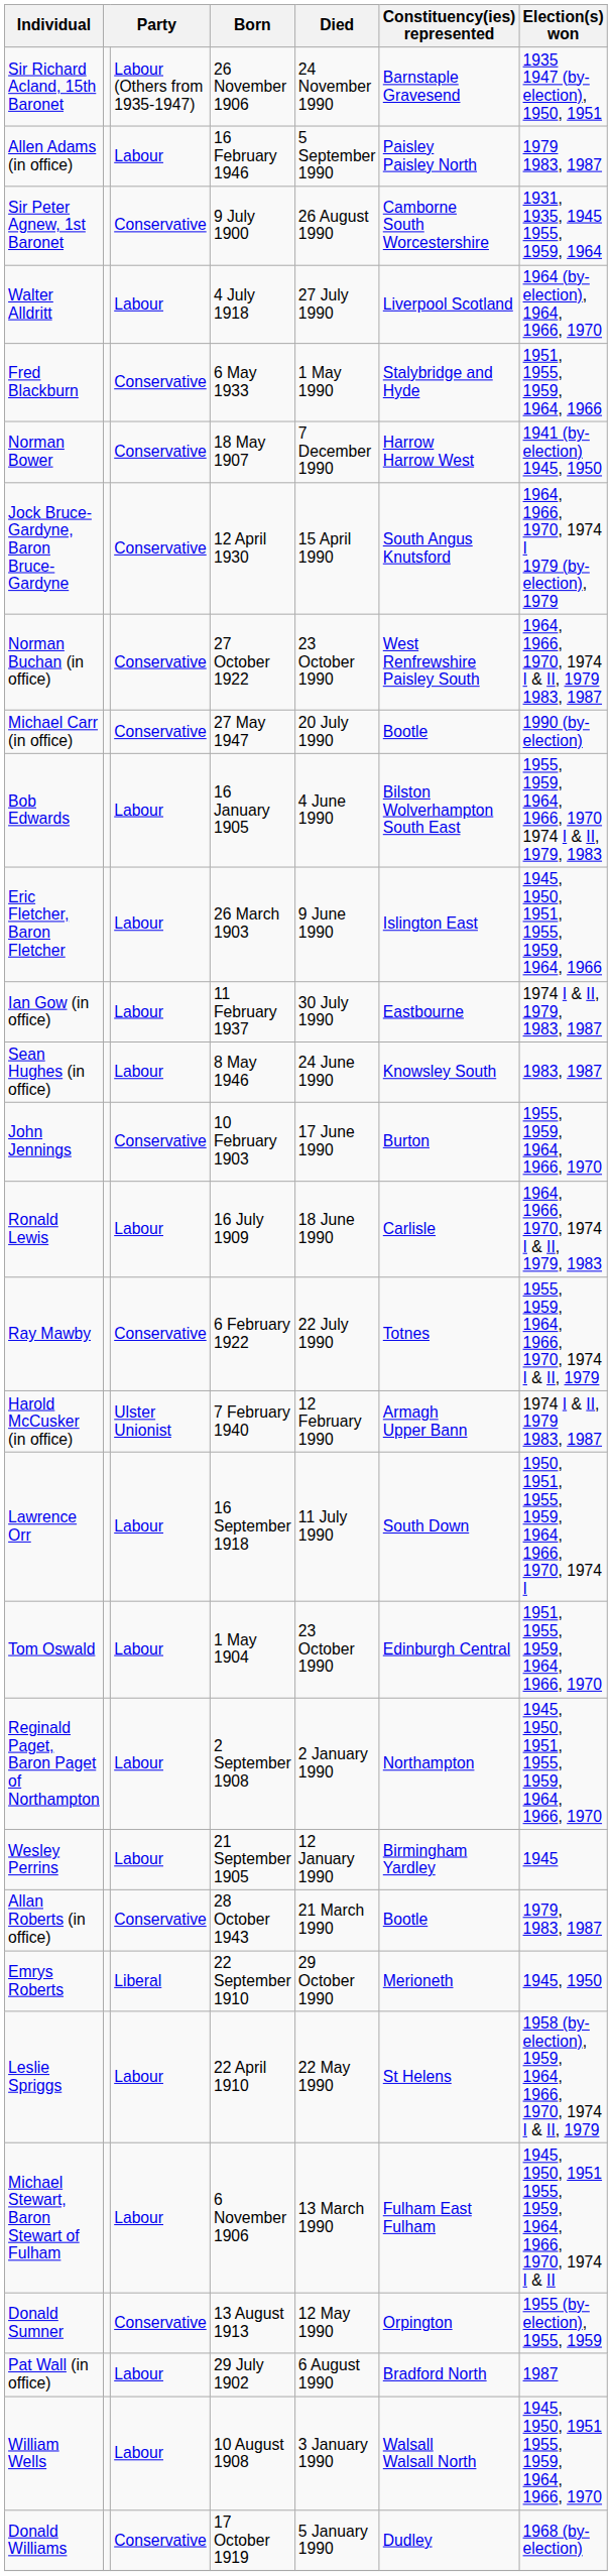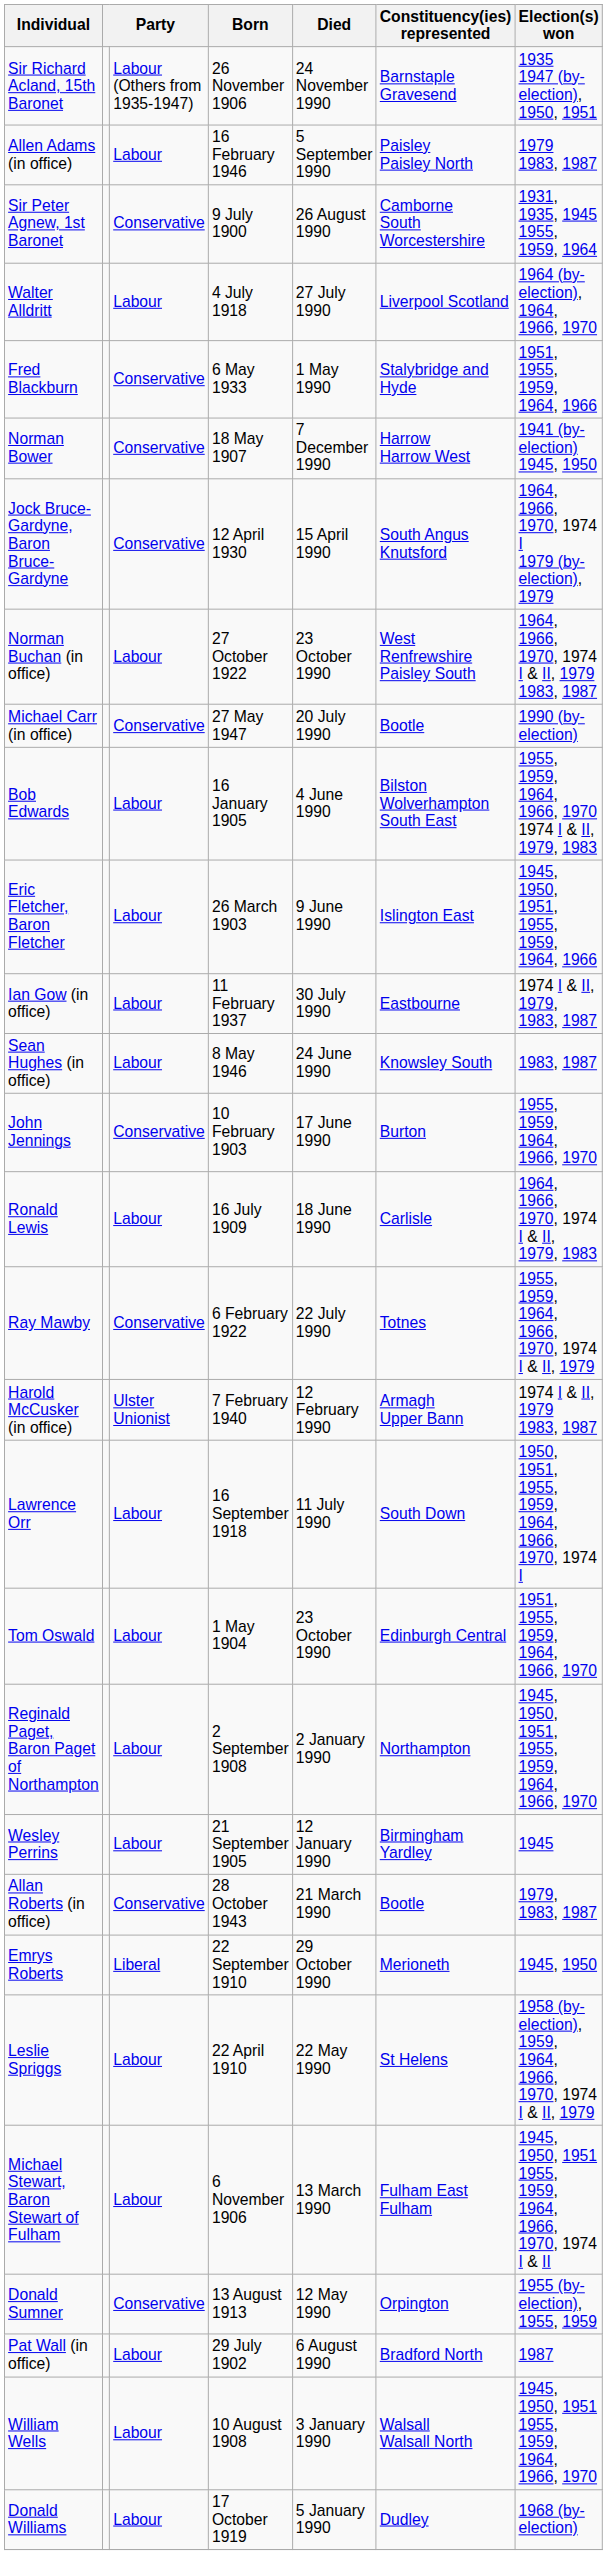 <table class="wikitable sortable">
 <tr>
 <th width="260px">Individual</th>
 <th colspan="2">Party</th>
 <th>Born</th>
 <th>Died</th>
 <th>Constituency(ies) represented</th>
 <th>Election(s) won</th>
 </tr>
 <tr>
 <td><a href='#'>Sir Richard Acland, 15th Baronet</a></td>
 <td style="background-color: "></td>
 <td><a href='#'>Labour</a> (Others from 1935-1947)</td>
 <td>26 November 1906</td>
 <td>24 November 1990</td>
 <td><a href='#'>Barnstaple</a><br><a href='#'>Gravesend</a></td>
 <td><a href='#'>1935</a><br><a href='#'>1947 (by-election)</a>, <a href='#'>1950</a>, <a href='#'>1951</a></td>
 </tr>
 <tr>
 <td><a href='#'>Allen Adams</a> (in office)</td>
 <td style="background-color: "></td>
 <td><a href='#'>Labour</a></td>
 <td>16 February 1946</td>
 <td>5 September 1990</td>
 <td><a href='#'>Paisley</a><br><a href='#'>Paisley North</a></td>
 <td><a href='#'>1979</a><br><a href='#'>1983</a>, <a href='#'>1987</a></td>
 </tr>
 <tr>
 <td><a href='#'>Sir Peter Agnew, 1st Baronet</a></td>
 <td style="background-color: "></td>
 <td><a href='#'>Conservative</a></td>
 <td>9 July 1900</td>
 <td>26 August 1990</td>
 <td><a href='#'>Camborne</a><br><a href='#'>South Worcestershire</a></td>
 <td><a href='#'>1931</a>, <a href='#'>1935</a>, <a href='#'>1945</a><br><a href='#'>1955</a>, <a href='#'>1959</a>, <a href='#'>1964</a></td>
 </tr>
 <tr>
 <td><a href='#'>Walter Alldritt</a></td>
 <td style="background-color: "></td>
 <td><a href='#'>Labour</a></td>
 <td>4 July 1918</td>
 <td>27 July 1990</td>
 <td><a href='#'>Liverpool Scotland</a></td>
 <td><a href='#'>1964 (by-election)</a>, <a href='#'>1964</a>, <a href='#'>1966</a>, <a href='#'>1970</a></td>
 </tr>
 <tr>
 <td><a href='#'>Fred Blackburn</a></td>
 <td style="background-color: "></td>
 <td><a href='#'>Conservative</a></td>
 <td>6 May 1933</td>
 <td>1 May 1990</td>
 <td><a href='#'>Stalybridge and Hyde</a></td>
 <td><a href='#'>1951</a>, <a href='#'>1955</a>, <a href='#'>1959</a>, <a href='#'>1964</a>, <a href='#'>1966</a></td>
 </tr>
 <tr>
 <td><a href='#'>Norman Bower</a></td>
 <td style="background-color: "></td>
 <td><a href='#'>Conservative</a></td>
 <td>18 May 1907</td>
 <td>7 December 1990</td>
 <td><a href='#'>Harrow</a><br><a href='#'>Harrow West</a></td>
 <td><a href='#'>1941 (by-election)</a><br><a href='#'>1945</a>, <a href='#'>1950</a></td>
 </tr>
 <tr>
 <td><a href='#'>Jock Bruce-Gardyne, Baron Bruce-Gardyne</a></td>
 <td style="background-color: "></td>
 <td><a href='#'>Conservative</a></td>
 <td>12 April 1930</td>
 <td>15 April 1990</td>
 <td><a href='#'>South Angus</a><br><a href='#'>Knutsford</a></td>
 <td><a href='#'>1964</a>, <a href='#'>1966</a>, <a href='#'>1970</a>, 1974 <a href='#'>I</a><br><a href='#'>1979 (by-election)</a>, <a href='#'>1979</a></td>
 </tr>
 <tr>
 <td><a href='#'>Norman Buchan</a> (in office)</td>
 <td style="background-color: "></td>
-<td><a href='#'>Conservative</a></td>
+<td><a href='#'>Labour</a></td>
 <td>27 October 1922</td>
 <td>23 October 1990</td>
 <td><a href='#'>West Renfrewshire</a><br><a href='#'>Paisley South</a></td>
 <td><a href='#'>1964</a>, <a href='#'>1966</a>, <a href='#'>1970</a>, 1974 <a href='#'>I</a> & <a href='#'>II</a>, <a href='#'>1979</a><br><a href='#'>1983</a>, <a href='#'>1987</a></td>
 </tr>
 <tr>
 <td><a href='#'>Michael Carr</a> (in office)</td>
 <td style="background-color: "></td>
 <td><a href='#'>Conservative</a></td>
 <td>27 May 1947</td>
 <td>20 July 1990</td>
 <td><a href='#'>Bootle</a></td>
 <td><a href='#'>1990 (by-election)</a></td>
 </tr>
 <tr>
 <td><a href='#'>Bob Edwards</a></td>
 <td style="background-color: "></td>
 <td><a href='#'>Labour</a></td>
 <td>16 January 1905</td>
 <td>4 June 1990</td>
 <td><a href='#'>Bilston</a><br><a href='#'>Wolverhampton South East</a></td>
 <td><a href='#'>1955</a>, <a href='#'>1959</a>, <a href='#'>1964</a>, <a href='#'>1966</a>, <a href='#'>1970</a><br>1974 <a href='#'>I</a> & <a href='#'>II</a>, <a href='#'>1979</a>, <a href='#'>1983</a></td>
 </tr>
 <tr>
 <td><a href='#'>Eric Fletcher, Baron Fletcher</a></td>
 <td style="background-color: "></td>
 <td><a href='#'>Labour</a></td>
 <td>26 March 1903</td>
 <td>9 June 1990</td>
 <td><a href='#'>Islington East</a></td>
 <td><a href='#'>1945</a>, <a href='#'>1950</a>, <a href='#'>1951</a>, <a href='#'>1955</a>, <a href='#'>1959</a>, <a href='#'>1964</a>, <a href='#'>1966</a></td>
 </tr>
 <tr>
 <td><a href='#'>Ian Gow</a> (in office)</td>
 <td style="background-color: "></td>
 <td><a href='#'>Labour</a></td>
 <td>11 February 1937</td>
 <td>30 July 1990</td>
 <td><a href='#'>Eastbourne</a></td>
 <td>1974 <a href='#'>I</a> & <a href='#'>II</a>, <a href='#'>1979</a>, <a href='#'>1983</a>, <a href='#'>1987</a></td>
 </tr>
 <tr>
 <td><a href='#'>Sean Hughes</a> (in office)</td>
 <td style="background-color: "></td>
 <td><a href='#'>Labour</a></td>
 <td>8 May 1946</td>
 <td>24 June 1990</td>
 <td><a href='#'>Knowsley South</a></td>
 <td><a href='#'>1983</a>, <a href='#'>1987</a></td>
 </tr>
 <tr>
 <td><a href='#'>John Jennings</a></td>
 <td style="background-color: "></td>
 <td><a href='#'>Conservative</a></td>
 <td>10 February 1903</td>
 <td>17 June 1990</td>
 <td><a href='#'>Burton</a></td>
 <td><a href='#'>1955</a>, <a href='#'>1959</a>, <a href='#'>1964</a>, <a href='#'>1966</a>, <a href='#'>1970</a></td>
 </tr>
 <tr>
 <td><a href='#'>Ronald Lewis</a></td>
 <td style="background-color: "></td>
 <td><a href='#'>Labour</a></td>
 <td>16 July 1909</td>
 <td>18 June 1990</td>
 <td><a href='#'>Carlisle</a></td>
 <td><a href='#'>1964</a>, <a href='#'>1966</a>, <a href='#'>1970</a>, 1974 <a href='#'>I</a> & <a href='#'>II</a>, <a href='#'>1979</a>, <a href='#'>1983</a></td>
 </tr>
 <tr>
 <td><a href='#'>Ray Mawby</a></td>
 <td style="background-color: "></td>
 <td><a href='#'>Conservative</a></td>
 <td>6 February 1922</td>
 <td>22 July 1990</td>
 <td><a href='#'>Totnes</a></td>
 <td><a href='#'>1955</a>, <a href='#'>1959</a>, <a href='#'>1964</a>, <a href='#'>1966</a>, <a href='#'>1970</a>, 1974 <a href='#'>I</a> & <a href='#'>II</a>, <a href='#'>1979</a></td>
 </tr>
 <tr>
 <td><a href='#'>Harold McCusker</a> (in office)</td>
 <td style="background-color: "></td>
 <td><a href='#'>Ulster Unionist</a></td>
 <td>7 February 1940</td>
 <td>12 February 1990</td>
 <td><a href='#'>Armagh</a><br><a href='#'>Upper Bann</a></td>
 <td>1974 <a href='#'>I</a> & <a href='#'>II</a>, <a href='#'>1979</a><br><a href='#'>1983</a>, <a href='#'>1987</a></td>
 </tr>
 <tr>
 <td><a href='#'>Lawrence Orr</a></td>
 <td style="background-color: "></td>
 <td><a href='#'>Labour</a></td>
 <td>16 September 1918</td>
 <td>11 July 1990</td>
 <td><a href='#'>South Down</a></td>
 <td><a href='#'>1950</a>, <a href='#'>1951</a>, <a href='#'>1955</a>, <a href='#'>1959</a>, <a href='#'>1964</a>, <a href='#'>1966</a>, <a href='#'>1970</a>, 1974 <a href='#'>I</a></td>
 </tr>
 <tr>
 <td><a href='#'>Tom Oswald</a></td>
 <td style="background-color: "></td>
 <td><a href='#'>Labour</a></td>
 <td>1 May 1904</td>
 <td>23 October 1990</td>
 <td><a href='#'>Edinburgh Central</a></td>
 <td><a href='#'>1951</a>, <a href='#'>1955</a>, <a href='#'>1959</a>, <a href='#'>1964</a>, <a href='#'>1966</a>, <a href='#'>1970</a></td>
 </tr>
 <tr>
 <td><a href='#'>Reginald Paget, Baron Paget of Northampton</a></td>
 <td style="background-color: "></td>
 <td><a href='#'>Labour</a></td>
 <td>2 September 1908</td>
 <td>2 January 1990</td>
 <td><a href='#'>Northampton</a></td>
 <td><a href='#'>1945</a>, <a href='#'>1950</a>, <a href='#'>1951</a>, <a href='#'>1955</a>, <a href='#'>1959</a>, <a href='#'>1964</a>, <a href='#'>1966</a>, <a href='#'>1970</a></td>
 </tr>
 <tr>
 <td><a href='#'>Wesley Perrins</a></td>
 <td style="background-color: "></td>
 <td><a href='#'>Labour</a></td>
 <td>21 September 1905</td>
 <td>12 January 1990</td>
 <td><a href='#'>Birmingham Yardley</a></td>
 <td><a href='#'>1945</a></td>
 </tr>
 <tr>
 <td><a href='#'>Allan Roberts</a> (in office)</td>
 <td style="background-color: "></td>
 <td><a href='#'>Conservative</a></td>
 <td>28 October 1943</td>
 <td>21 March 1990</td>
 <td><a href='#'>Bootle</a></td>
 <td><a href='#'>1979</a>, <a href='#'>1983</a>, <a href='#'>1987</a></td>
 </tr>
 <tr>
 <td><a href='#'>Emrys Roberts</a></td>
 <td style="background-color: "></td>
 <td><a href='#'>Liberal</a></td>
 <td>22 September 1910</td>
 <td>29 October 1990</td>
 <td><a href='#'>Merioneth</a></td>
 <td><a href='#'>1945</a>, <a href='#'>1950</a></td>
 </tr>
 <tr>
 <td><a href='#'>Leslie Spriggs</a></td>
 <td style="background-color: "></td>
 <td><a href='#'>Labour</a></td>
 <td>22 April 1910</td>
 <td>22 May 1990</td>
 <td><a href='#'>St Helens</a></td>
 <td><a href='#'>1958 (by-election)</a>, <a href='#'>1959</a>, <a href='#'>1964</a>, <a href='#'>1966</a>, <a href='#'>1970</a>, 1974 <a href='#'>I</a> & <a href='#'>II</a>, <a href='#'>1979</a></td>
 </tr>
 <tr>
 <td><a href='#'>Michael Stewart, Baron Stewart of Fulham</a></td>
 <td style="background-color: "></td>
 <td><a href='#'>Labour</a></td>
 <td>6 November 1906</td>
 <td>13 March 1990</td>
 <td><a href='#'>Fulham East</a><br><a href='#'>Fulham</a></td>
 <td><a href='#'>1945</a>, <a href='#'>1950</a>, <a href='#'>1951</a><br><a href='#'>1955</a>, <a href='#'>1959</a>, <a href='#'>1964</a>, <a href='#'>1966</a>, <a href='#'>1970</a>, 1974 <a href='#'>I</a> & <a href='#'>II</a></td>
 </tr>
 <tr>
 <td><a href='#'>Donald Sumner</a></td>
 <td style="background-color: "></td>
 <td><a href='#'>Conservative</a></td>
 <td>13 August 1913</td>
 <td>12 May 1990</td>
 <td><a href='#'>Orpington</a></td>
 <td><a href='#'>1955 (by-election)</a>, <a href='#'>1955</a>, <a href='#'>1959</a></td>
 </tr>
 <tr>
 <td><a href='#'>Pat Wall</a> (in office)</td>
 <td style="background-color: "></td>
 <td><a href='#'>Labour</a></td>
 <td>29 July 1902</td>
 <td>6 August 1990</td>
 <td><a href='#'>Bradford North</a></td>
 <td><a href='#'>1987</a></td>
 </tr>
 <tr>
 <td><a href='#'>William Wells</a></td>
 <td style="background-color: "></td>
 <td><a href='#'>Labour</a></td>
 <td>10 August 1908</td>
 <td>3 January 1990</td>
 <td><a href='#'>Walsall</a><br><a href='#'>Walsall North</a></td>
 <td><a href='#'>1945</a>, <a href='#'>1950</a>, <a href='#'>1951</a><br><a href='#'>1955</a>, <a href='#'>1959</a>, <a href='#'>1964</a>, <a href='#'>1966</a>, <a href='#'>1970</a></td>
 </tr>
 <tr>
 <td><a href='#'>Donald Williams</a></td>
 <td style="background-color: "></td>
-<td><a href='#'>Conservative</a></td>
+<td><a href='#'>Labour</a></td>
 <td>17 October 1919</td>
 <td>5 January 1990</td>
 <td><a href='#'>Dudley</a></td>
 <td><a href='#'>1968 (by-election)</a></td>
 </tr>
 <tr>
 </tr>
 </table>
